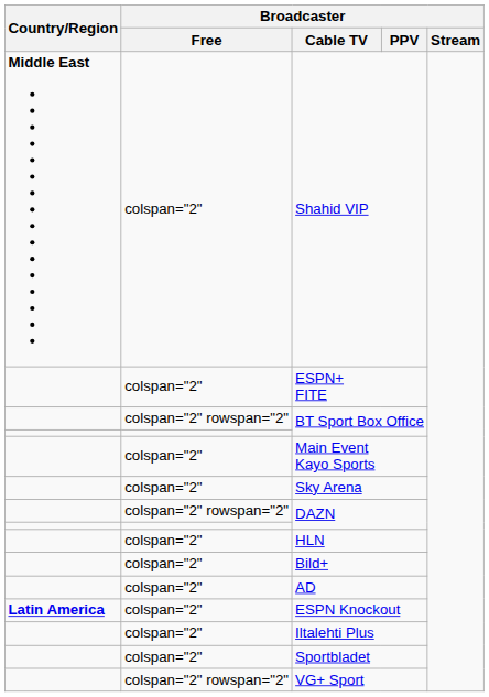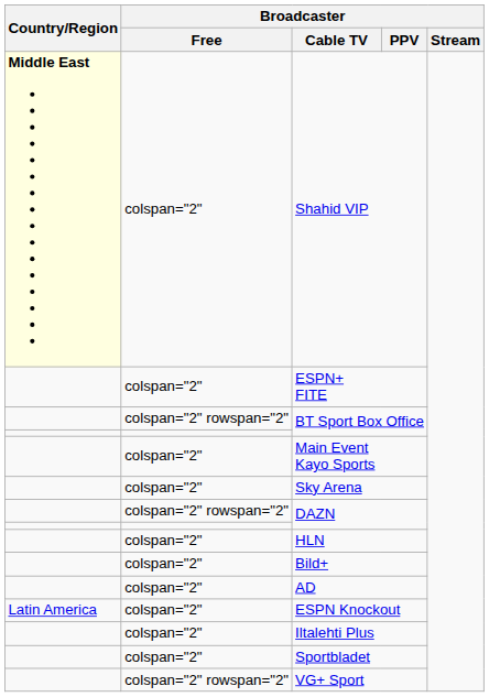 <table class="wikitable">
 <tr>
 <th rowspan="2">Country/Region</th>
 <th colspan="4">Broadcaster</th>
 </tr>
 <tr>
 <th>Free</th>
 <th>Cable TV</th>
 <th>PPV</th>
 <th>Stream</th>
 </tr>
 <tr>
-<td><strong>Middle East</strong><br><ul><li></li><li></li><li></li><li></li><li></li><li></li><li></li><li></li><li></li><li></li><li></li><li></li><li></li><li></li><li></li><li></li></ul></td>
+<td style="background: lightyellow;"><strong>Middle East</strong><br><ul><li></li><li></li><li></li><li></li><li></li><li></li><li></li><li></li><li></li><li></li><li></li><li></li><li></li><li></li><li></li><li></li></ul></td>
 <td>colspan="2" </td>
 <td colspan="2"><a href='#'>Shahid VIP</a></td>
 </tr>
 <tr>
 <td></td>
 <td>colspan="2" </td>
 <td colspan="2"><a href='#'>ESPN+</a> <br> <a href='#'>FITE</a></td>
 </tr>
 <tr>
 <td></td>
 <td>colspan="2" rowspan="2" </td>
 <td colspan="2" rowspan="2"><a href='#'>BT Sport Box Office</a></td>
 </tr>
 <tr>
 <td></td>
 </tr>
 <tr>
 <td></td>
 <td>colspan="2" </td>
 <td colspan="2"><a href='#'>Main Event</a> <br> <a href='#'>Kayo Sports</a></td>
 </tr>
 <tr>
 <td></td>
 <td>colspan="2" </td>
 <td colspan="2"><a href='#'>Sky Arena</a></td>
 </tr>
 <tr>
 <td></td>
 <td>colspan="2" rowspan="2" </td>
 <td colspan="2" rowspan="2"><a href='#'>DAZN</a></td>
 </tr>
 <tr>
 <td></td>
 </tr>
 <tr>
 <td></td>
 <td>colspan="2" </td>
 <td colspan="2"><a href='#'>HLN</a></td>
 </tr>
 <tr>
 <td></td>
 <td>colspan="2" </td>
 <td colspan="2"><a href='#'>Bild+</a></td>
 </tr>
 <tr>
 <td></td>
 <td>colspan="2" </td>
 <td colspan="2"><a href='#'>AD</a></td>
 </tr>
 <tr>
-<td><strong><a href='#'>Latin America</a></strong></td>
+<td><a href='#'>Latin America</a></td>
 <td>colspan="2" </td>
 <td colspan="2"><a href='#'>ESPN Knockout</a></td>
 </tr>
 <tr>
 <td></td>
 <td>colspan="2" </td>
 <td colspan="2"><a href='#'>Iltalehti Plus</a></td>
 </tr>
 <tr>
 <td></td>
 <td>colspan="2" </td>
 <td colspan="2"><a href='#'>Sportbladet</a></td>
 </tr>
 <tr>
 <td></td>
 <td>colspan="2" rowspan="2" </td>
 <td colspan="2" rowspan="2"><a href='#'>VG+ Sport</a></td>
 </tr>
 </table>
